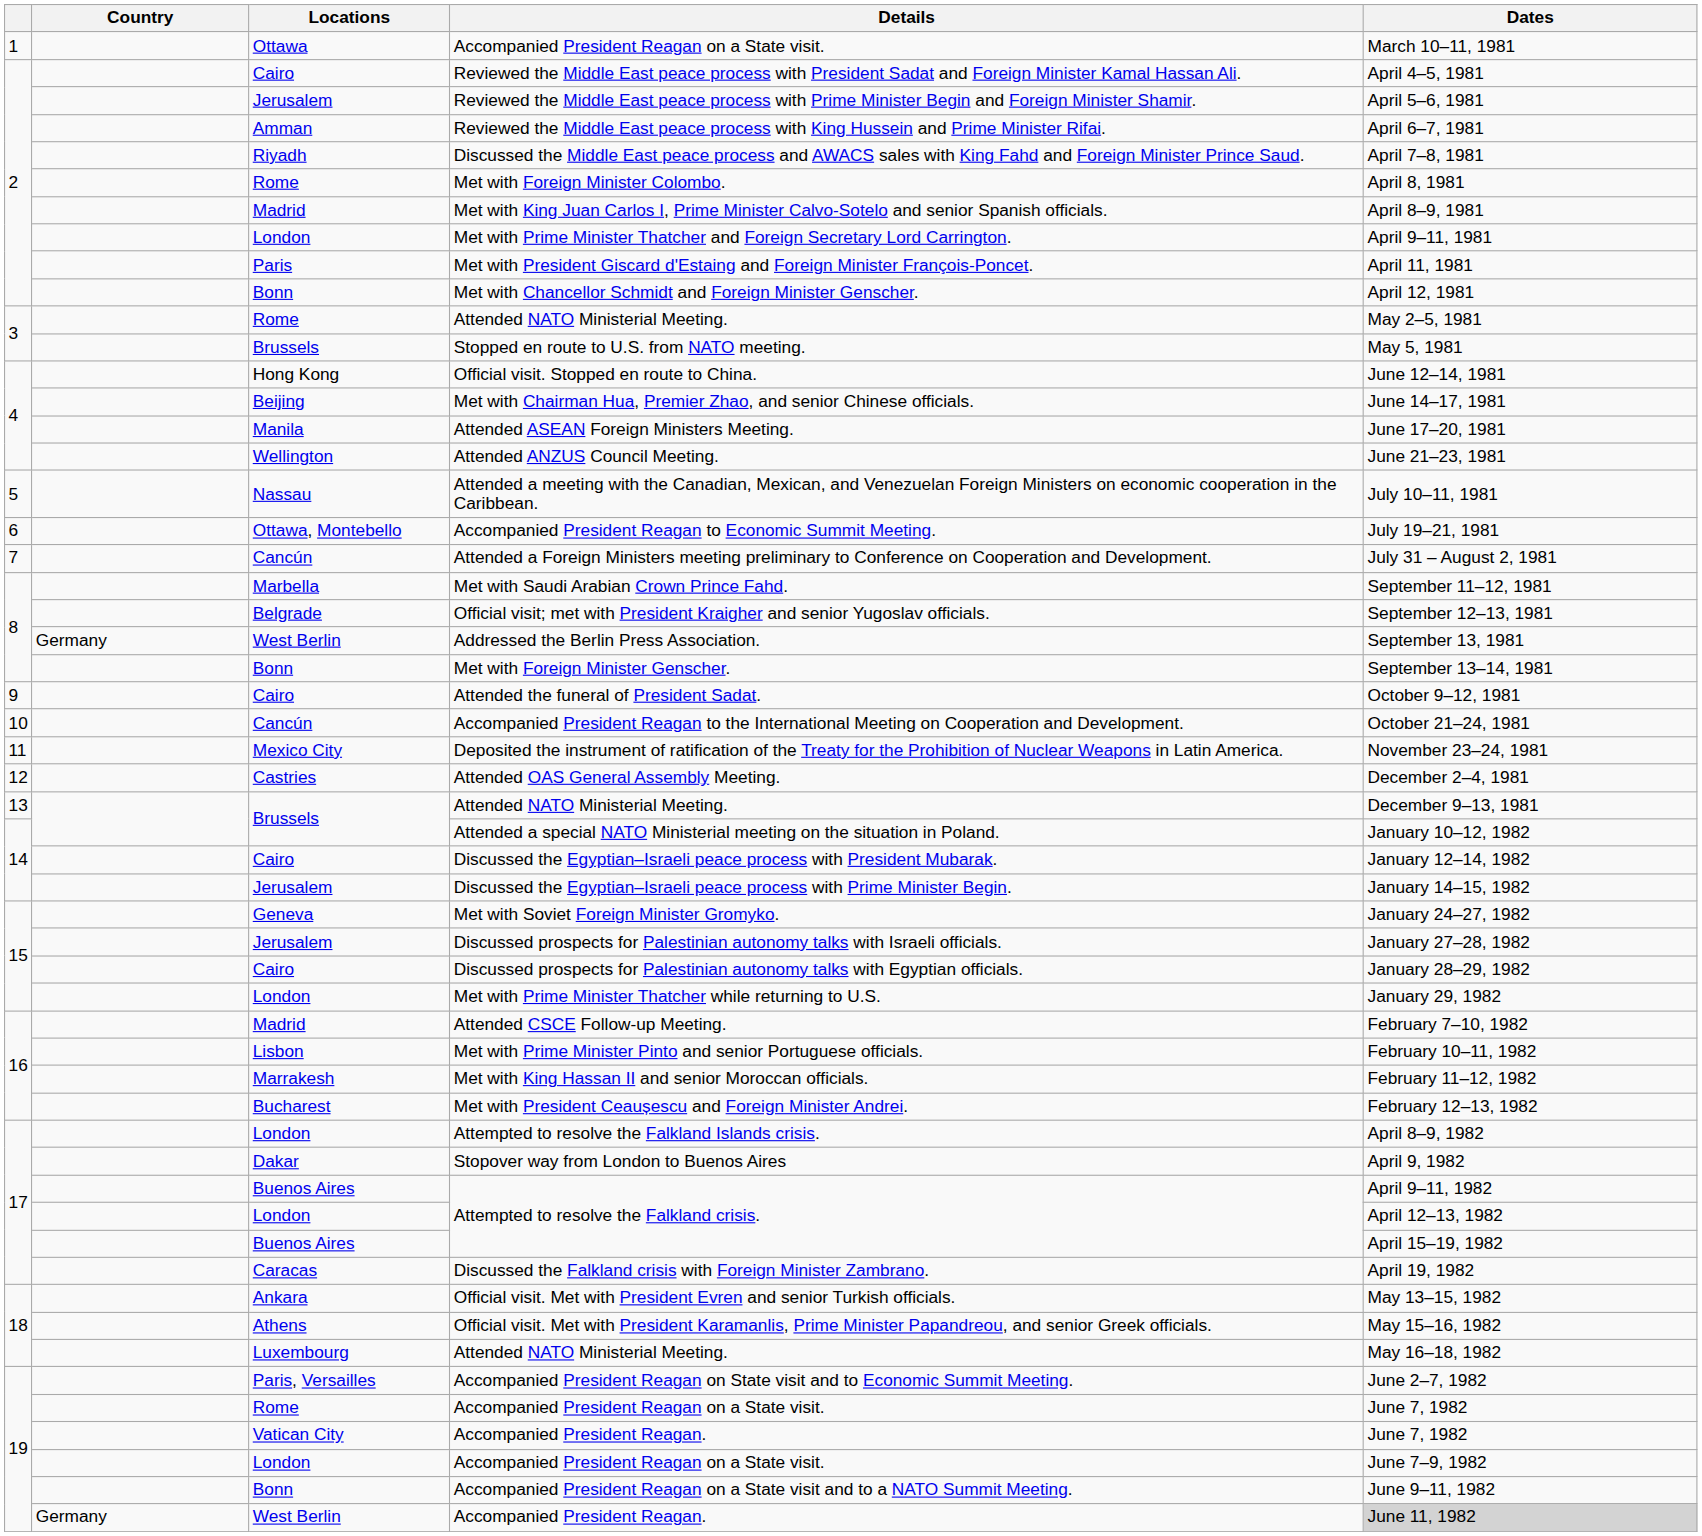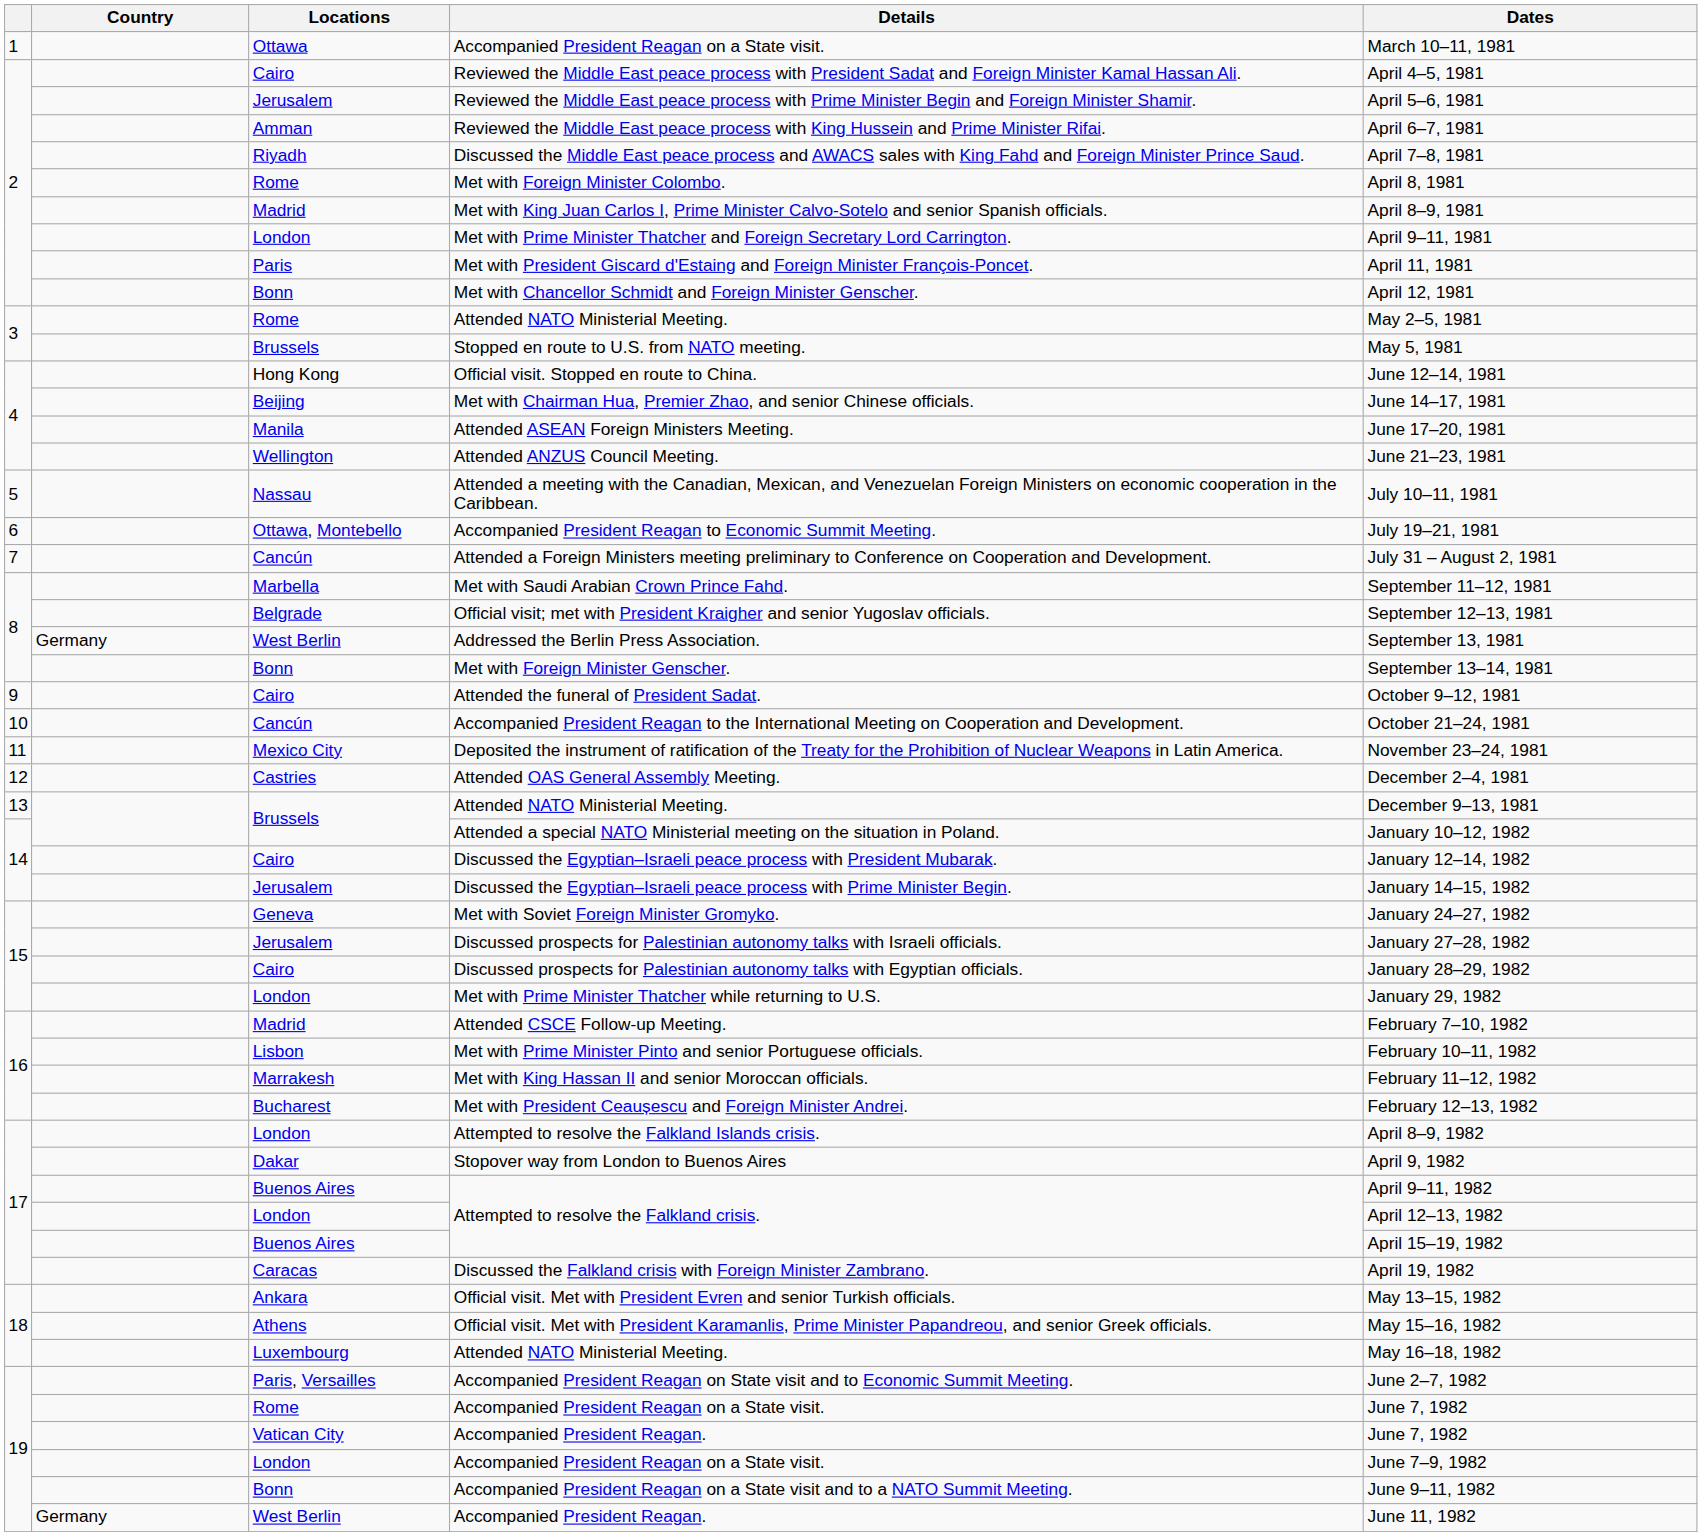 <table class="wikitable sortable">
 <tr>
 <th></th>
 <th style="width: 13%;">Country</th>
 <th style="width: 12%;">Locations</th>
 <th style="width: 55%;">Details</th>
 <th style="width: 20%;">Dates</th>
 </tr>
 <tr>
 <td>1</td>
 <td></td>
 <td><a href='#'>Ottawa</a></td>
 <td>Accompanied <a href='#'>President Reagan</a> on a State visit.</td>
 <td>March 10–11, 1981</td>
 </tr>
 <tr>
 <td rowspan="9">2</td>
 <td></td>
 <td><a href='#'>Cairo</a></td>
 <td>Reviewed the <a href='#'>Middle East peace process</a> with <a href='#'>President Sadat</a> and <a href='#'>Foreign Minister Kamal Hassan Ali</a>.</td>
 <td>April 4–5, 1981</td>
 </tr>
 <tr>
 <td></td>
 <td><a href='#'>Jerusalem</a></td>
 <td>Reviewed the <a href='#'>Middle East peace process</a> with <a href='#'>Prime Minister Begin</a> and <a href='#'>Foreign Minister Shamir</a>.</td>
 <td>April 5–6, 1981</td>
 </tr>
 <tr>
 <td></td>
 <td><a href='#'>Amman</a></td>
 <td>Reviewed the <a href='#'>Middle East peace process</a> with <a href='#'>King Hussein</a> and <a href='#'>Prime Minister Rifai</a>.</td>
 <td>April 6–7, 1981</td>
 </tr>
 <tr>
 <td></td>
 <td><a href='#'>Riyadh</a></td>
 <td>Discussed the <a href='#'>Middle East peace process</a> and <a href='#'>AWACS</a> sales with <a href='#'>King Fahd</a> and <a href='#'>Foreign Minister Prince Saud</a>.</td>
 <td>April 7–8, 1981</td>
 </tr>
 <tr>
 <td></td>
 <td><a href='#'>Rome</a></td>
 <td>Met with <a href='#'>Foreign Minister Colombo</a>.</td>
 <td>April 8, 1981</td>
 </tr>
 <tr>
 <td></td>
 <td><a href='#'>Madrid</a></td>
 <td>Met with <a href='#'>King Juan Carlos I</a>, <a href='#'>Prime Minister Calvo-Sotelo</a> and senior Spanish officials.</td>
 <td>April 8–9, 1981</td>
 </tr>
 <tr>
 <td></td>
 <td><a href='#'>London</a></td>
 <td>Met with <a href='#'>Prime Minister Thatcher</a> and <a href='#'>Foreign Secretary Lord Carrington</a>.</td>
 <td>April 9–11, 1981</td>
 </tr>
 <tr>
 <td></td>
 <td><a href='#'>Paris</a></td>
 <td>Met with <a href='#'>President Giscard d'Estaing</a> and <a href='#'>Foreign Minister François-Poncet</a>.</td>
 <td>April 11, 1981</td>
 </tr>
 <tr>
 <td></td>
 <td><a href='#'>Bonn</a></td>
 <td>Met with <a href='#'>Chancellor Schmidt</a> and <a href='#'>Foreign Minister Genscher</a>.</td>
 <td>April 12, 1981</td>
 </tr>
 <tr>
 <td rowspan="2">3</td>
 <td></td>
 <td><a href='#'>Rome</a></td>
 <td>Attended <a href='#'>NATO</a> Ministerial Meeting.</td>
 <td>May 2–5, 1981</td>
 </tr>
 <tr>
 <td></td>
 <td><a href='#'>Brussels</a></td>
 <td>Stopped en route to U.S. from <a href='#'>NATO</a> meeting.</td>
 <td>May 5, 1981</td>
 </tr>
 <tr>
 <td rowspan="4">4</td>
 <td></td>
 <td>Hong Kong</td>
 <td>Official visit. Stopped en route to China.</td>
 <td>June 12–14, 1981</td>
 </tr>
 <tr>
 <td></td>
 <td><a href='#'>Beijing</a></td>
 <td>Met with <a href='#'>Chairman Hua</a>, <a href='#'>Premier Zhao</a>, and senior Chinese officials.</td>
 <td>June 14–17, 1981</td>
 </tr>
 <tr>
 <td></td>
 <td><a href='#'>Manila</a></td>
 <td>Attended <a href='#'>ASEAN</a> Foreign Ministers Meeting.</td>
 <td>June 17–20, 1981</td>
 </tr>
 <tr>
 <td></td>
 <td><a href='#'>Wellington</a></td>
 <td>Attended <a href='#'>ANZUS</a> Council Meeting.</td>
 <td>June 21–23, 1981</td>
 </tr>
 <tr>
 <td>5</td>
 <td></td>
 <td><a href='#'>Nassau</a></td>
 <td>Attended a meeting with the Canadian, Mexican, and Venezuelan Foreign Ministers on economic cooperation in the Caribbean.</td>
 <td>July 10–11, 1981</td>
 </tr>
 <tr>
 <td>6</td>
 <td></td>
 <td><a href='#'>Ottawa</a>, <a href='#'>Montebello</a></td>
 <td>Accompanied <a href='#'>President Reagan</a> to <a href='#'>Economic Summit Meeting</a>.</td>
 <td>July 19–21, 1981</td>
 </tr>
 <tr>
 <td>7</td>
 <td></td>
 <td><a href='#'>Cancún</a></td>
 <td>Attended a Foreign Ministers meeting preliminary to Conference on Cooperation and Development.</td>
 <td>July 31 – August 2, 1981</td>
 </tr>
 <tr>
 <td rowspan="4">8</td>
 <td></td>
 <td><a href='#'>Marbella</a></td>
 <td>Met with Saudi Arabian <a href='#'>Crown Prince Fahd</a>.</td>
 <td>September 11–12, 1981</td>
 </tr>
 <tr>
 <td></td>
 <td><a href='#'>Belgrade</a></td>
 <td>Official visit; met with <a href='#'>President Kraigher</a> and senior Yugoslav officials.</td>
 <td>September 12–13, 1981</td>
 </tr>
 <tr>
 <td> Germany</td>
 <td><a href='#'>West Berlin</a></td>
 <td>Addressed the Berlin Press Association.</td>
 <td>September 13, 1981</td>
 </tr>
 <tr>
 <td></td>
 <td><a href='#'>Bonn</a></td>
 <td>Met with <a href='#'>Foreign Minister Genscher</a>.</td>
 <td>September 13–14, 1981</td>
 </tr>
 <tr>
 <td>9</td>
 <td></td>
 <td><a href='#'>Cairo</a></td>
 <td>Attended the funeral of <a href='#'>President Sadat</a>.</td>
 <td>October 9–12, 1981</td>
 </tr>
 <tr>
 <td>10</td>
 <td></td>
 <td><a href='#'>Cancún</a></td>
 <td>Accompanied <a href='#'>President Reagan</a> to the International Meeting on Cooperation and Development.</td>
 <td>October 21–24, 1981</td>
 </tr>
 <tr>
 <td>11</td>
 <td></td>
 <td><a href='#'>Mexico City</a></td>
 <td>Deposited the instrument of ratification of the <a href='#'>Treaty for the Prohibition of Nuclear Weapons</a> in Latin America.</td>
 <td>November 23–24, 1981</td>
 </tr>
 <tr>
 <td>12</td>
 <td></td>
 <td><a href='#'>Castries</a></td>
 <td>Attended <a href='#'>OAS General Assembly</a> Meeting.</td>
 <td>December 2–4, 1981</td>
 </tr>
 <tr>
 <td>13</td>
 <td rowspan=2></td>
 <td rowspan=2><a href='#'>Brussels</a></td>
 <td>Attended <a href='#'>NATO</a> Ministerial Meeting.</td>
 <td>December 9–13, 1981</td>
 </tr>
 <tr>
 <td rowspan="3">14</td>
 <td>Attended a special <a href='#'>NATO</a> Ministerial meeting on the situation in Poland.</td>
 <td>January 10–12, 1982</td>
 </tr>
 <tr>
 <td></td>
 <td><a href='#'>Cairo</a></td>
 <td>Discussed the <a href='#'>Egyptian–Israeli peace process</a> with <a href='#'>President Mubarak</a>.</td>
 <td>January 12–14, 1982</td>
 </tr>
 <tr>
 <td></td>
 <td><a href='#'>Jerusalem</a></td>
 <td>Discussed the <a href='#'>Egyptian–Israeli peace process</a> with <a href='#'>Prime Minister Begin</a>.</td>
 <td>January 14–15, 1982</td>
 </tr>
 <tr>
 <td rowspan="4">15</td>
 <td></td>
 <td><a href='#'>Geneva</a></td>
 <td>Met with Soviet <a href='#'>Foreign Minister Gromyko</a>.</td>
 <td>January 24–27, 1982</td>
 </tr>
 <tr>
 <td></td>
 <td><a href='#'>Jerusalem</a></td>
 <td>Discussed prospects for <a href='#'>Palestinian autonomy talks</a> with Israeli officials.</td>
 <td>January 27–28, 1982</td>
 </tr>
 <tr>
 <td></td>
 <td><a href='#'>Cairo</a></td>
 <td>Discussed prospects for <a href='#'>Palestinian autonomy talks</a> with Egyptian officials.</td>
 <td>January 28–29, 1982</td>
 </tr>
 <tr>
 <td></td>
 <td><a href='#'>London</a></td>
 <td>Met with <a href='#'>Prime Minister Thatcher</a> while returning to U.S.</td>
 <td>January 29, 1982</td>
 </tr>
 <tr>
 <td rowspan="4">16</td>
 <td></td>
 <td><a href='#'>Madrid</a></td>
 <td>Attended <a href='#'>CSCE</a> Follow-up Meeting.</td>
 <td>February 7–10, 1982</td>
 </tr>
 <tr>
 <td></td>
 <td><a href='#'>Lisbon</a></td>
 <td>Met with <a href='#'>Prime Minister Pinto</a> and senior Portuguese officials.</td>
 <td>February 10–11, 1982</td>
 </tr>
 <tr>
 <td></td>
 <td><a href='#'>Marrakesh</a></td>
 <td>Met with <a href='#'>King Hassan II</a> and senior Moroccan officials.</td>
 <td>February 11–12, 1982</td>
 </tr>
 <tr>
 <td></td>
 <td><a href='#'>Bucharest</a></td>
 <td>Met with <a href='#'>President Ceaușescu</a> and <a href='#'>Foreign Minister Andrei</a>.</td>
 <td>February 12–13, 1982</td>
 </tr>
 <tr>
 <td rowspan="6">17</td>
 <td></td>
 <td><a href='#'>London</a></td>
 <td>Attempted to resolve the <a href='#'>Falkland Islands crisis</a>.</td>
 <td>April 8–9, 1982</td>
 </tr>
 <tr>
 <td></td>
 <td><a href='#'>Dakar</a></td>
 <td>Stopover way from London to Buenos Aires</td>
 <td>April 9, 1982</td>
 </tr>
 <tr>
 <td></td>
 <td><a href='#'>Buenos Aires</a></td>
 <td rowspan=3>Attempted to resolve the <a href='#'>Falkland crisis</a>.</td>
 <td>April 9–11, 1982</td>
 </tr>
 <tr>
 <td></td>
 <td><a href='#'>London</a></td>
 <td>April 12–13, 1982</td>
 </tr>
 <tr>
 <td></td>
 <td><a href='#'>Buenos Aires</a></td>
 <td>April 15–19, 1982</td>
 </tr>
 <tr>
 <td></td>
 <td><a href='#'>Caracas</a></td>
 <td>Discussed the <a href='#'>Falkland crisis</a> with <a href='#'>Foreign Minister Zambrano</a>.</td>
 <td>April 19, 1982</td>
 </tr>
 <tr>
 <td rowspan="3">18</td>
 <td></td>
 <td><a href='#'>Ankara</a></td>
 <td>Official visit. Met with <a href='#'>President Evren</a> and senior Turkish officials.</td>
 <td>May 13–15, 1982</td>
 </tr>
 <tr>
 <td></td>
 <td><a href='#'>Athens</a></td>
 <td>Official visit. Met with <a href='#'>President Karamanlis</a>, <a href='#'>Prime Minister Papandreou</a>, and senior Greek officials.</td>
 <td>May 15–16, 1982</td>
 </tr>
 <tr>
 <td></td>
 <td><a href='#'>Luxembourg</a></td>
 <td>Attended <a href='#'>NATO</a> Ministerial Meeting.</td>
 <td>May 16–18, 1982</td>
 </tr>
 <tr>
 <td rowspan="6">19</td>
 <td></td>
 <td><a href='#'>Paris</a>, <a href='#'>Versailles</a></td>
 <td>Accompanied <a href='#'>President Reagan</a> on State visit and to <a href='#'>Economic Summit Meeting</a>.</td>
 <td>June 2–7, 1982</td>
 </tr>
 <tr>
 <td></td>
 <td><a href='#'>Rome</a></td>
 <td>Accompanied <a href='#'>President Reagan</a> on a State visit.</td>
 <td>June 7, 1982</td>
 </tr>
 <tr>
 <td></td>
 <td><a href='#'>Vatican City</a></td>
 <td>Accompanied <a href='#'>President Reagan</a>.</td>
 <td>June 7, 1982</td>
 </tr>
 <tr>
 <td></td>
 <td><a href='#'>London</a></td>
 <td>Accompanied <a href='#'>President Reagan</a> on a State visit.</td>
 <td>June 7–9, 1982</td>
 </tr>
 <tr>
 <td></td>
 <td><a href='#'>Bonn</a></td>
 <td>Accompanied <a href='#'>President Reagan</a> on a State visit and to a <a href='#'>NATO Summit Meeting</a>.</td>
 <td>June 9–11, 1982</td>
 </tr>
 <tr>
 <td> Germany</td>
 <td><a href='#'>West Berlin</a></td>
 <td>Accompanied <a href='#'>President Reagan</a>.</td>
-<td style="background: lightgrey;">June 11, 1982</td>
+<td>June 11, 1982</td>
 </tr>
 </table>
